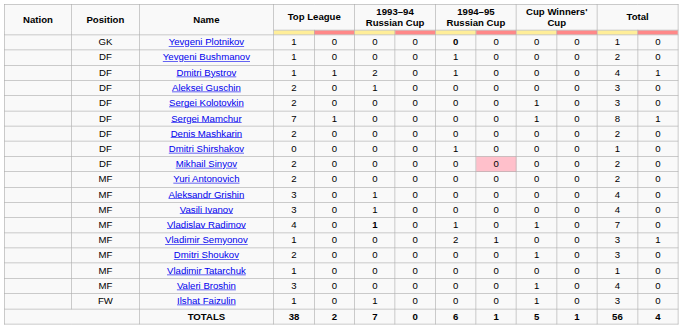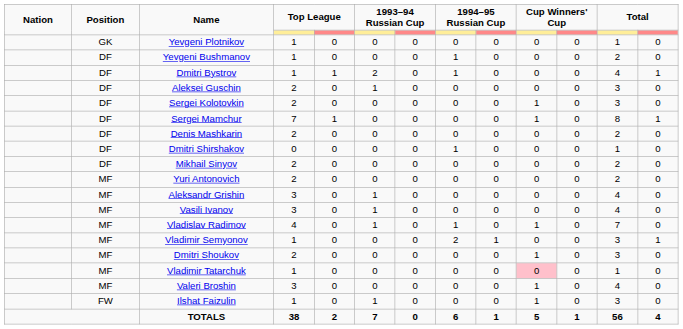 <table class="wikitable" style="font-size: 100%; text-align: center;">
 <tr>
 <td rowspan="2" width="10%" align="center"><strong>Nation</strong></td>
 <td rowspan="2" width="10%" align="center"><strong>Position</strong></td>
 <td rowspan="2" width="20%" align="center"><strong>Name</strong></td>
 <td colspan="2" align="center"><strong>Top League</strong></td>
 <td colspan="2" align="center"><strong>1993–94 Russian Cup</strong></td>
 <td colspan="2" align="center"><strong>1994–95 Russian Cup</strong></td>
 <td colspan="2" align="center"><strong>Cup Winners' Cup</strong></td>
 <td colspan="2" align="center"><strong>Total</strong></td>
 </tr>
 <tr>
 <th width=60 style="background: #FFEE99"></th>
 <th width=60 style="background: #FF8888"></th>
 <th width=60 style="background: #FFEE99"></th>
 <th width=60 style="background: #FF8888"></th>
 <th width=60 style="background: #FFEE99"></th>
 <th width=60 style="background: #FF8888"></th>
 <th width=60 style="background: #FFEE99"></th>
 <th width=60 style="background: #FF8888"></th>
 <th width=60 style="background: #FFEE99"></th>
 <th width=60 style="background: #FF8888"></th>
 </tr>
 <tr>
 <td></td>
 <td>GK</td>
 <td><a href='#'>Yevgeni Plotnikov</a></td>
 <td>1</td>
 <td>0</td>
 <td>0</td>
 <td>0</td>
-<td><strong>0</strong></td>
+<td>0</td>
 <td>0</td>
 <td>0</td>
 <td>0</td>
 <td>1</td>
 <td>0</td>
 </tr>
 <tr>
 <td></td>
 <td>DF</td>
 <td><a href='#'>Yevgeni Bushmanov</a></td>
 <td>1</td>
 <td>0</td>
 <td>0</td>
 <td>0</td>
 <td>1</td>
 <td>0</td>
 <td>0</td>
 <td>0</td>
 <td>2</td>
 <td>0</td>
 </tr>
 <tr>
 <td></td>
 <td>DF</td>
 <td><a href='#'>Dmitri Bystrov</a></td>
 <td>1</td>
 <td>1</td>
 <td>2</td>
 <td>0</td>
 <td>1</td>
 <td>0</td>
 <td>0</td>
 <td>0</td>
 <td>4</td>
 <td>1</td>
 </tr>
 <tr>
 <td></td>
 <td>DF</td>
 <td><a href='#'>Aleksei Guschin</a></td>
 <td>2</td>
 <td>0</td>
 <td>1</td>
 <td>0</td>
 <td>0</td>
 <td>0</td>
 <td>0</td>
 <td>0</td>
 <td>3</td>
 <td>0</td>
 </tr>
 <tr>
 <td></td>
 <td>DF</td>
 <td><a href='#'>Sergei Kolotovkin</a></td>
 <td>2</td>
 <td>0</td>
 <td>0</td>
 <td>0</td>
 <td>0</td>
 <td>0</td>
 <td>1</td>
 <td>0</td>
 <td>3</td>
 <td>0</td>
 </tr>
 <tr>
 <td></td>
 <td>DF</td>
 <td><a href='#'>Sergei Mamchur</a></td>
 <td>7</td>
 <td>1</td>
 <td>0</td>
 <td>0</td>
 <td>0</td>
 <td>0</td>
 <td>1</td>
 <td>0</td>
 <td>8</td>
 <td>1</td>
 </tr>
 <tr>
 <td></td>
 <td>DF</td>
 <td><a href='#'>Denis Mashkarin</a></td>
 <td>2</td>
 <td>0</td>
 <td>0</td>
 <td>0</td>
 <td>0</td>
 <td>0</td>
 <td>0</td>
 <td>0</td>
 <td>2</td>
 <td>0</td>
 </tr>
 <tr>
 <td></td>
 <td>DF</td>
 <td><a href='#'>Dmitri Shirshakov</a></td>
 <td>0</td>
 <td>0</td>
 <td>0</td>
 <td>0</td>
 <td>1</td>
 <td>0</td>
 <td>0</td>
 <td>0</td>
 <td>1</td>
 <td>0</td>
 </tr>
 <tr>
 <td></td>
 <td>DF</td>
 <td><a href='#'>Mikhail Sinyov</a></td>
 <td>2</td>
 <td>0</td>
 <td>0</td>
 <td>0</td>
 <td>0</td>
-<td style="background: pink;">0</td>
+<td>0</td>
 <td>0</td>
 <td>0</td>
 <td>2</td>
 <td>0</td>
 </tr>
 <tr>
 <td></td>
 <td>MF</td>
 <td><a href='#'>Yuri Antonovich</a></td>
 <td>2</td>
 <td>0</td>
 <td>0</td>
 <td>0</td>
 <td>0</td>
 <td>0</td>
 <td>0</td>
 <td>0</td>
 <td>2</td>
 <td>0</td>
 </tr>
 <tr>
 <td></td>
 <td>MF</td>
 <td><a href='#'>Aleksandr Grishin</a></td>
 <td>3</td>
 <td>0</td>
 <td>1</td>
 <td>0</td>
 <td>0</td>
 <td>0</td>
 <td>0</td>
 <td>0</td>
 <td>4</td>
 <td>0</td>
 </tr>
 <tr>
 <td></td>
 <td>MF</td>
 <td><a href='#'>Vasili Ivanov</a></td>
 <td>3</td>
 <td>0</td>
 <td>1</td>
 <td>0</td>
 <td>0</td>
 <td>0</td>
 <td>0</td>
 <td>0</td>
 <td>4</td>
 <td>0</td>
 </tr>
 <tr>
 <td></td>
 <td>MF</td>
 <td><a href='#'>Vladislav Radimov</a></td>
 <td>4</td>
 <td>0</td>
-<td><strong>1</strong></td>
+<td>1</td>
 <td>0</td>
 <td>1</td>
 <td>0</td>
 <td>1</td>
 <td>0</td>
 <td>7</td>
 <td>0</td>
 </tr>
 <tr>
 <td></td>
 <td>MF</td>
 <td><a href='#'>Vladimir Semyonov</a></td>
 <td>1</td>
 <td>0</td>
 <td>0</td>
 <td>0</td>
 <td>2</td>
 <td>1</td>
 <td>0</td>
 <td>0</td>
 <td>3</td>
 <td>1</td>
 </tr>
 <tr>
 <td></td>
 <td>MF</td>
 <td><a href='#'>Dmitri Shoukov</a></td>
 <td>2</td>
 <td>0</td>
 <td>0</td>
 <td>0</td>
 <td>0</td>
 <td>0</td>
 <td>1</td>
 <td>0</td>
 <td>3</td>
 <td>0</td>
 </tr>
 <tr>
 <td></td>
 <td>MF</td>
 <td><a href='#'>Vladimir Tatarchuk</a></td>
 <td>1</td>
 <td>0</td>
 <td>0</td>
 <td>0</td>
 <td>0</td>
 <td>0</td>
-<td>0</td>
+<td style="background: pink;">0</td>
 <td>0</td>
 <td>1</td>
 <td>0</td>
 </tr>
 <tr>
 <td></td>
 <td>MF</td>
 <td><a href='#'>Valeri Broshin</a></td>
 <td>3</td>
 <td>0</td>
 <td>0</td>
 <td>0</td>
 <td>0</td>
 <td>0</td>
 <td>1</td>
 <td>0</td>
 <td>4</td>
 <td>0</td>
 </tr>
 <tr>
 <td></td>
 <td>FW</td>
 <td><a href='#'>Ilshat Faizulin</a></td>
 <td>1</td>
 <td>0</td>
 <td>1</td>
 <td>0</td>
 <td>0</td>
 <td>0</td>
 <td>1</td>
 <td>0</td>
 <td>3</td>
 <td>0</td>
 </tr>
 <tr>
 <td colspan="2"></td>
 <td><strong>TOTALS</strong></td>
 <td><strong>38</strong></td>
 <td><strong>2</strong></td>
 <td><strong>7</strong></td>
 <td><strong>0</strong></td>
 <td><strong>6</strong></td>
 <td><strong>1</strong></td>
 <td><strong>5</strong></td>
 <td><strong>1</strong></td>
 <td><strong>56</strong></td>
 <td><strong>4</strong></td>
 </tr>
 </table>
